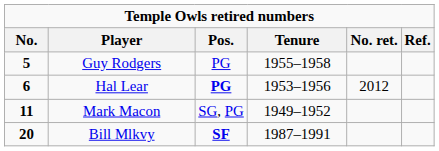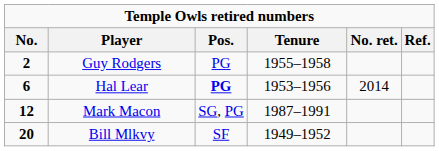 <table class="wikitable" style="text-align:center">
 <tr>
 <td colspan=6><strong>Temple Owls retired numbers</strong></td>
 </tr>
 <tr>
 <th width=40px style="background:#">No.</th>
 <th width=150px style="background:#">Player</th>
 <th width=px style="background:#">Pos.</th>
 <th width=100px style="background:#">Tenure</th>
 <th width=px style="background:#">No. ret.</th>
 <th width=px style="background:#">Ref.</th>
 </tr>
 <tr>
-<td><strong>5</strong></td>
+<td><strong>2</strong></td>
 <td><a href='#'>Guy Rodgers</a></td>
 <td><a href='#'>PG</a></td>
 <td>1955–1958</td>
 <td></td>
 <td></td>
 </tr>
 <tr>
 <td><strong>6</strong></td>
 <td><a href='#'>Hal Lear</a></td>
 <td><strong><a href='#'>PG</a></strong></td>
 <td>1953–1956</td>
-<td>2012</td>
+<td>2014</td>
 <td></td>
 </tr>
 <tr>
-<td><strong>11</strong></td>
+<td><strong>12</strong></td>
 <td><a href='#'>Mark Macon</a></td>
 <td><a href='#'>SG</a>, <a href='#'>PG</a></td>
-<td>1949–1952</td>
+<td>1987–1991</td>
 <td></td>
 <td></td>
 </tr>
 <tr>
 <td><strong>20</strong></td>
 <td><a href='#'>Bill Mlkvy</a></td>
-<td><strong><a href='#'>SF</a></strong></td>
-<td>1987–1991</td>
+<td><a href='#'>SF</a></td>
+<td>1949–1952</td>
 <td></td>
 <td></td>
 </tr>
 </table>
